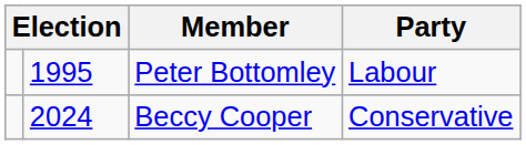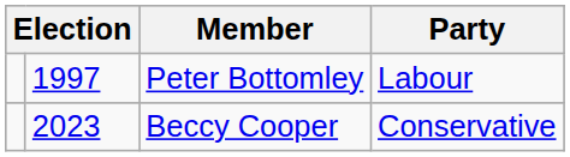 <table class="wikitable">
 <tr>
 <th colspan="2">Election</th>
 <th>Member</th>
 <th>Party</th>
 </tr>
 <tr>
 <td style="color:inherit;background-color: "></td>
-<td><a href='#'>1995</a></td>
+<td><a href='#'>1997</a></td>
 <td><a href='#'>Peter Bottomley</a></td>
 <td><a href='#'>Labour</a></td>
 </tr>
 <tr>
 <td style="color:inherit;background-color: "></td>
-<td><a href='#'>2024</a></td>
+<td><a href='#'>2023</a></td>
 <td><a href='#'>Beccy Cooper</a></td>
 <td><a href='#'>Conservative</a></td>
 </tr>
 </table>
